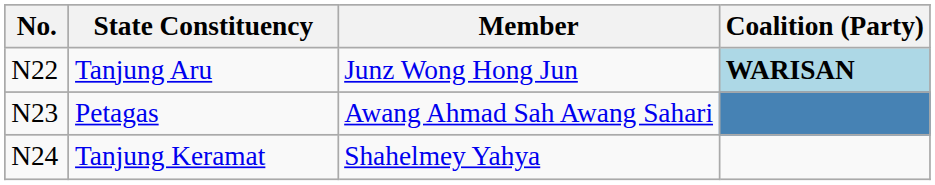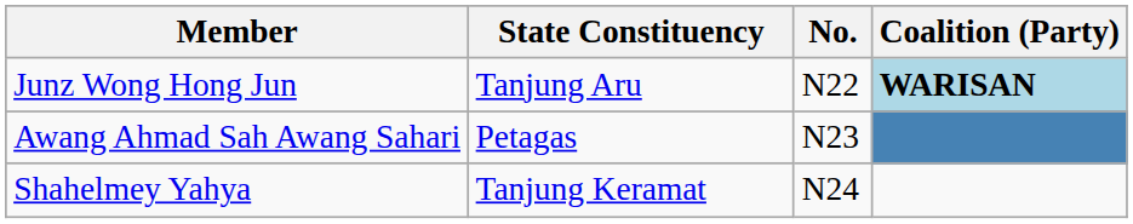 <table class="wikitable sortable">
 <tr>
+<th>Member</th>
+<th width="150">State Constituency</th>
 <th width="30">No.</th>
-<th width="150">State Constituency</th>
-<th>Member</th>
 <th>Coalition (Party)</th>
 </tr>
 <tr>
+<td><a href='#'>Junz Wong Hong Jun</a></td>
+<td><a href='#'>Tanjung Aru</a></td>
 <td>N22</td>
-<td><a href='#'>Tanjung Aru</a></td>
-<td><a href='#'>Junz Wong Hong Jun</a></td>
 <td style="background: lightblue;"><strong>WARISAN</strong></td>
 </tr>
 <tr>
+<td><a href='#'>Awang Ahmad Sah Awang Sahari</a></td>
+<td><a href='#'>Petagas</a></td>
 <td>N23</td>
-<td><a href='#'>Petagas</a></td>
-<td><a href='#'>Awang Ahmad Sah Awang Sahari</a></td>
 <td style="background-color: #4682B4;"></td>
 </tr>
 <tr>
+<td><a href='#'>Shahelmey Yahya</a></td>
+<td><a href='#'>Tanjung Keramat</a></td>
 <td>N24</td>
-<td><a href='#'>Tanjung Keramat</a></td>
-<td><a href='#'>Shahelmey Yahya</a></td>
 <td></td>
 </tr>
 </table>
